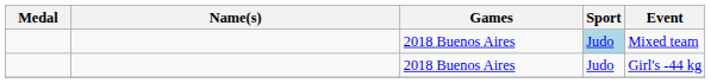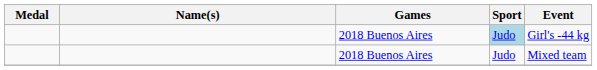 <table class="wikitable sortable" style="font-size: 95%;">
 <tr>
 <th style="width:4em">Medal</th>
 <th style="width:22em">Name(s)</th>
 <th style="width:12em">Games</th>
 <th>Sport</th>
 <th>Event</th>
 </tr>
 <tr>
 <td></td>
 <td></td>
 <td> <a href='#'>2018 Buenos Aires</a></td>
 <td style="background: lightblue;"> <a href='#'>Judo</a></td>
-<td><a href='#'>Mixed team</a></td>
+<td><a href='#'>Girl's -44 kg</a></td>
 </tr>
 <tr>
 <td></td>
 <td></td>
 <td> <a href='#'>2018 Buenos Aires</a></td>
 <td> <a href='#'>Judo</a></td>
-<td><a href='#'>Girl's -44 kg</a></td>
+<td><a href='#'>Mixed team</a></td>
 </tr>
 <tr>
 </tr>
 </table>
